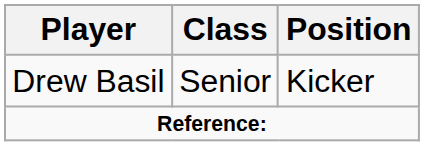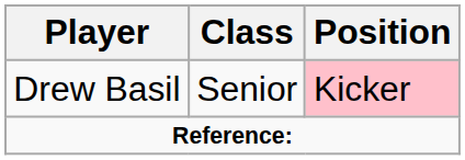 <table class="wikitable" border="1">
 <tr>
 <th>Player</th>
 <th>Class</th>
 <th>Position</th>
 </tr>
 <tr>
 <td>Drew Basil</td>
 <td>Senior</td>
-<td>Kicker</td>
+<td style="background: pink;">Kicker</td>
 </tr>
 <tr>
 <td colspan="3" style="font-size: 8pt" align="center"><strong>Reference:</strong></td>
 </tr>
 </table>
